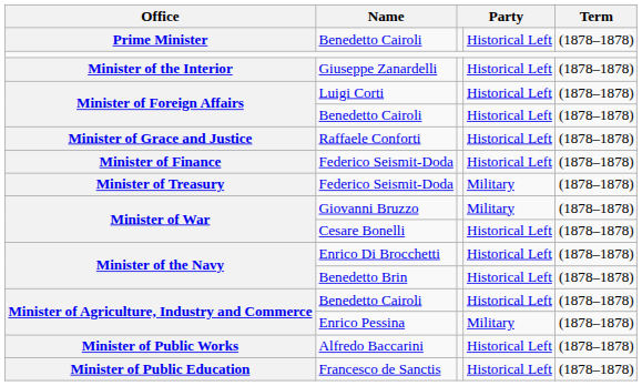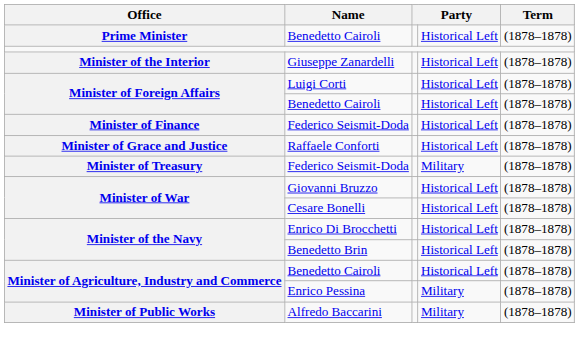 <table class="wikitable" style="font-size: 100%;">
 <tr>
 <th>Office</th>
 <th>Name</th>
 <th colspan=2>Party</th>
 <th>Term</th>
 </tr>
 <tr>
 <th><a href='#'>Prime Minister</a></th>
 <td><a href='#'>Benedetto Cairoli</a></td>
 <td style="color:inherit;background:"></td>
 <td><a href='#'>Historical Left</a></td>
 <td>(1878–1878)</td>
 </tr>
 <tr>
 <td colspan=5></td>
 </tr>
 <tr>
 <th><a href='#'>Minister of the Interior</a></th>
 <td><a href='#'>Giuseppe Zanardelli</a></td>
 <td style="color:inherit;background:"></td>
 <td><a href='#'>Historical Left</a></td>
 <td>(1878–1878)</td>
 </tr>
 <tr>
 <th rowspan=2><a href='#'>Minister of Foreign Affairs</a></th>
 <td><a href='#'>Luigi Corti</a></td>
 <td style="color:inherit;background:"></td>
 <td><a href='#'>Historical Left</a></td>
 <td>(1878–1878)</td>
 </tr>
 <tr>
 <td><a href='#'>Benedetto Cairoli</a></td>
 <td style="color:inherit;background:"></td>
 <td><a href='#'>Historical Left</a></td>
 <td>(1878–1878)</td>
 </tr>
 <tr>
-<th><a href='#'>Minister of Grace and Justice</a></th>
-<td><a href='#'>Raffaele Conforti</a></td>
+<th><a href='#'>Minister of Finance</a></th>
+<td><a href='#'>Federico Seismit-Doda</a></td>
 <td style="color:inherit;background:"></td>
 <td><a href='#'>Historical Left</a></td>
 <td>(1878–1878)</td>
 </tr>
 <tr>
-<th><a href='#'>Minister of Finance</a></th>
-<td><a href='#'>Federico Seismit-Doda</a></td>
+<th><a href='#'>Minister of Grace and Justice</a></th>
+<td><a href='#'>Raffaele Conforti</a></td>
 <td style="color:inherit;background:"></td>
 <td><a href='#'>Historical Left</a></td>
 <td>(1878–1878)</td>
 </tr>
 <tr>
 <th><a href='#'>Minister of Treasury</a></th>
 <td><a href='#'>Federico Seismit-Doda</a></td>
 <td style="color:inherit;background:"></td>
 <td><a href='#'>Military</a></td>
 <td>(1878–1878)</td>
 </tr>
 <tr>
 <th rowspan=2><a href='#'>Minister of War</a></th>
 <td><a href='#'>Giovanni Bruzzo</a></td>
 <td style="color:inherit;background:"></td>
-<td><a href='#'>Military</a></td>
+<td><a href='#'>Historical Left</a></td>
 <td>(1878–1878)</td>
 </tr>
 <tr>
 <td><a href='#'>Cesare Bonelli</a></td>
 <td style="color:inherit;background:"></td>
 <td><a href='#'>Historical Left</a></td>
 <td>(1878–1878)</td>
 </tr>
 <tr>
 <th rowspan=2><a href='#'>Minister of the Navy</a></th>
 <td><a href='#'>Enrico Di Brocchetti</a></td>
 <td style="color:inherit;background:"></td>
 <td><a href='#'>Historical Left</a></td>
 <td>(1878–1878)</td>
 </tr>
 <tr>
 <td><a href='#'>Benedetto Brin</a></td>
 <td style="color:inherit;background:"></td>
 <td><a href='#'>Historical Left</a></td>
 <td>(1878–1878)</td>
 </tr>
 <tr>
 <th rowspan=2><a href='#'>Minister of Agriculture, Industry and Commerce</a></th>
 <td><a href='#'>Benedetto Cairoli</a></td>
 <td style="color:inherit;background:"></td>
 <td><a href='#'>Historical Left</a></td>
 <td>(1878–1878)</td>
 </tr>
 <tr>
 <td><a href='#'>Enrico Pessina</a></td>
 <td style="color:inherit;background:"></td>
 <td><a href='#'>Military</a></td>
 <td>(1878–1878)</td>
 </tr>
 <tr>
 <th><a href='#'>Minister of Public Works</a></th>
 <td><a href='#'>Alfredo Baccarini</a></td>
 <td style="color:inherit;background:"></td>
-<td><a href='#'>Historical Left</a></td>
-<td>(1878–1878)</td>
-</tr>
-<tr>
-<th><a href='#'>Minister of Public Education</a></th>
-<td><a href='#'>Francesco de Sanctis</a></td>
-<td style="color:inherit;background:"></td>
-<td><a href='#'>Historical Left</a></td>
+<td><a href='#'>Military</a></td>
 <td>(1878–1878)</td>
 </tr>
 </table>
